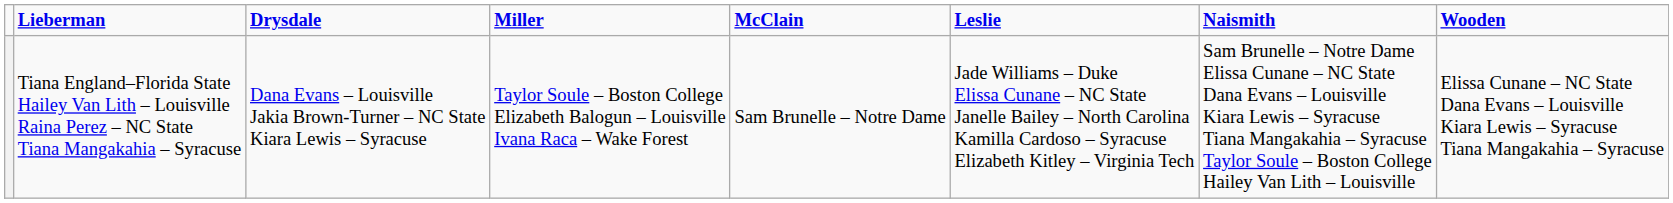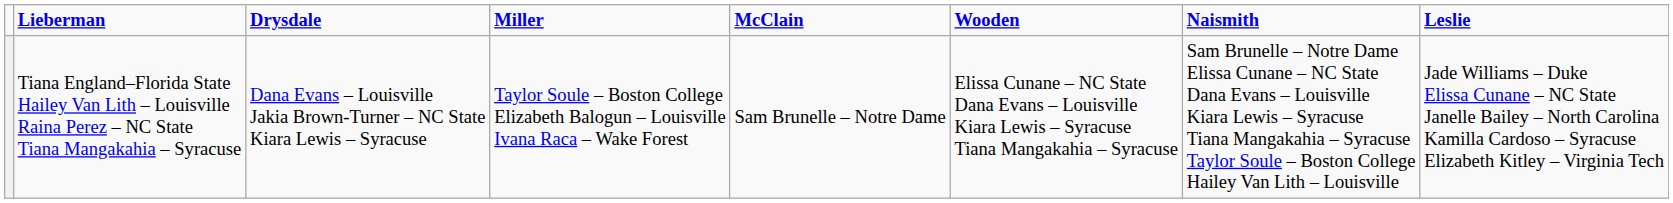 <table class="wikitable" style="white-space:nowrap; font-size:90%;">
 <tr>
 <td></td>
 <td><strong><a href='#'>Lieberman</a></strong></td>
 <td><strong><a href='#'>Drysdale</a></strong></td>
 <td><strong><a href='#'>Miller</a></strong></td>
 <td><strong><a href='#'>McClain</a></strong></td>
+<td><strong><a href='#'>Wooden</a></strong></td>
+<td><strong><a href='#'>Naismith</a></strong></td>
 <td><strong><a href='#'>Leslie</a></strong></td>
-<td><strong><a href='#'>Naismith</a></strong></td>
-<td><strong><a href='#'>Wooden</a></strong></td>
 </tr>
 <tr>
 <th></th>
 <td>Tiana England–Florida State<br><a href='#'>Hailey Van Lith</a> – Louisville<br><a href='#'>Raina Perez</a> – NC State<br><a href='#'>Tiana Mangakahia</a> – Syracuse</td>
 <td><a href='#'>Dana Evans</a> – Louisville<br>Jakia Brown-Turner – NC State<br>Kiara Lewis – Syracuse</td>
 <td><a href='#'>Taylor Soule</a> – Boston College<br>Elizabeth Balogun – Louisville<br><a href='#'>Ivana Raca</a> – Wake Forest</td>
 <td>Sam Brunelle – Notre Dame</td>
+<td>Elissa Cunane – NC State<br>Dana Evans – Louisville<br>Kiara Lewis – Syracuse<br>Tiana Mangakahia – Syracuse</td>
+<td>Sam Brunelle – Notre Dame<br>Elissa Cunane – NC State<br>Dana Evans – Louisville<br>Kiara Lewis – Syracuse<br>Tiana Mangakahia – Syracuse<br><a href='#'>Taylor Soule</a> – Boston College<br>Hailey Van Lith – Louisville</td>
 <td>Jade Williams – Duke<br><a href='#'>Elissa Cunane</a> – NC State<br>Janelle Bailey – North Carolina<br>Kamilla Cardoso – Syracuse<br>Elizabeth Kitley – Virginia Tech</td>
-<td>Sam Brunelle – Notre Dame<br>Elissa Cunane – NC State<br>Dana Evans – Louisville<br>Kiara Lewis – Syracuse<br>Tiana Mangakahia – Syracuse<br><a href='#'>Taylor Soule</a> – Boston College<br>Hailey Van Lith – Louisville</td>
-<td>Elissa Cunane – NC State<br>Dana Evans – Louisville<br>Kiara Lewis – Syracuse<br>Tiana Mangakahia – Syracuse</td>
 </tr>
 </table>
